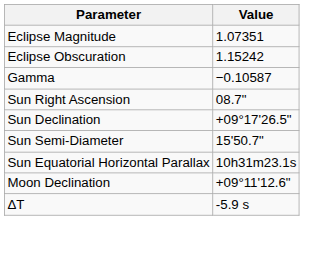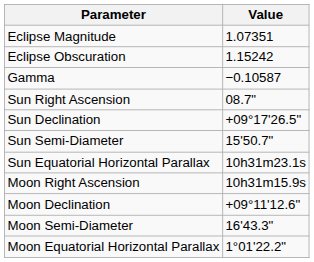 <table class="wikitable">
 <tr>
 <th>Parameter</th>
 <th>Value</th>
 </tr>
 <tr>
 <td>Eclipse Magnitude</td>
 <td>1.07351</td>
 </tr>
 <tr>
 <td>Eclipse Obscuration</td>
 <td>1.15242</td>
 </tr>
 <tr>
 <td>Gamma</td>
 <td>−0.10587</td>
 </tr>
 <tr>
 <td>Sun Right Ascension</td>
 <td>08.7"</td>
 </tr>
 <tr>
 <td>Sun Declination</td>
 <td>+09°17'26.5"</td>
 </tr>
 <tr>
 <td>Sun Semi-Diameter</td>
 <td>15'50.7"</td>
 </tr>
 <tr>
 <td>Sun Equatorial Horizontal Parallax</td>
 <td>10h31m23.1s</td>
 </tr>
 <tr>
+<td>Moon Right Ascension</td>
+<td>10h31m15.9s</td>
+</tr>
+<tr>
 <td>Moon Declination</td>
 <td>+09°11'12.6"</td>
 </tr>
 <tr>
-<td>ΔT</td>
-<td>-5.9 s</td>
+<td>Moon Semi-Diameter</td>
+<td>16'43.3"</td>
+</tr>
+<tr>
+<td>Moon Equatorial Horizontal Parallax</td>
+<td>1°01'22.2"</td>
 </tr>
 </table>
